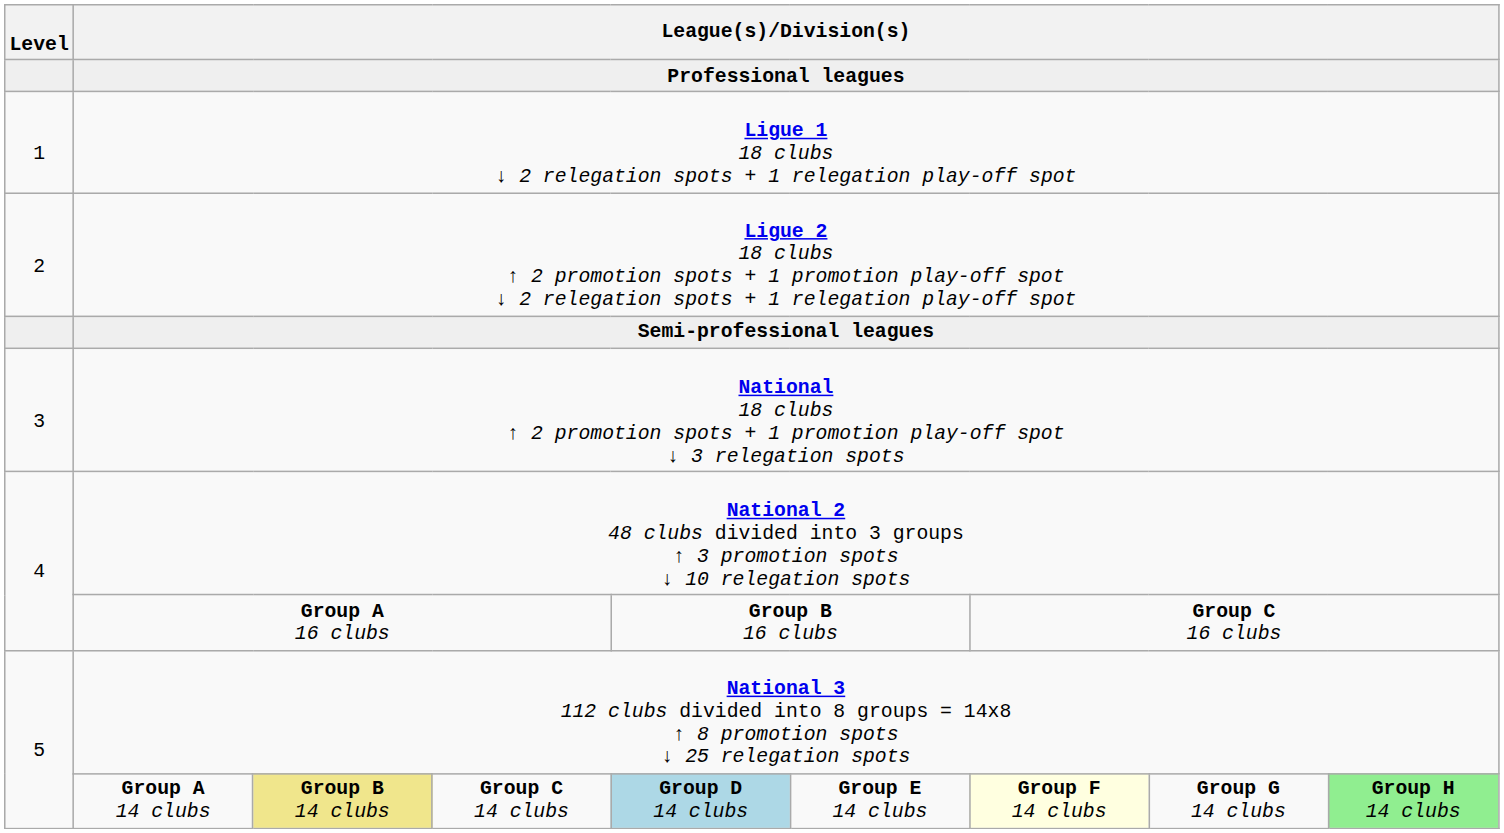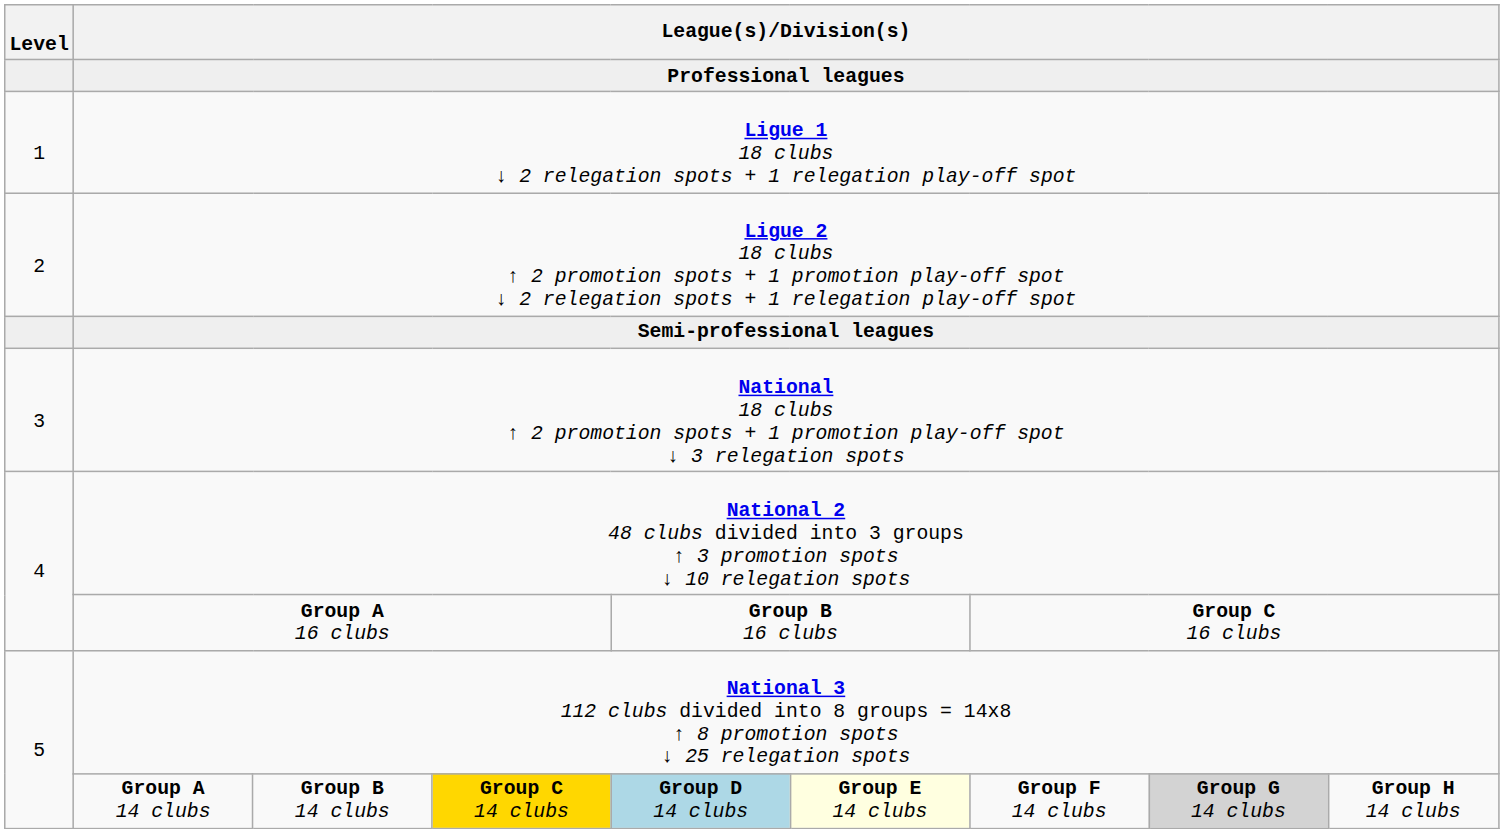 <table class="wikitable" style="text-align: center;">
 <tr>
 <th width="4%"><br>Level</th>
 <th colspan="12" width="96%">League(s)/Division(s)</th>
 </tr>
 <tr style="background:#efefef;">
 <td width="4.6%" align="center"></td>
 <td colspan="12" width="95.4%"><strong>Professional leagues</strong></td>
 </tr>
 <tr>
 <td width="4%"><br>1</td>
 <td colspan="12" width="96%"><br><strong><a href='#'>Ligue 1</a></strong><br> <em>18 clubs<br>↓ 2 relegation spots + 1 relegation play-off spot</em></td>
 </tr>
 <tr>
 <td width="4%"><br>2</td>
 <td colspan="12" width="96%"><br><strong><a href='#'>Ligue 2</a></strong><br> <em>18 clubs<br>↑ 2 promotion spots + 1 promotion play-off spot<br>↓ 2 relegation spots + 1 relegation play-off spot</em></td>
 </tr>
 <tr style="background:#efefef;">
 <td colspan="1" width="4.6%" align="center"></td>
 <td colspan="12" width="96%"><strong>Semi-professional leagues</strong></td>
 </tr>
 <tr>
 <td width="4%"><br>3</td>
 <td colspan="12" width="96%"><br><strong><a href='#'>National</a></strong><br> <em>18 clubs <br> ↑ 2 promotion spots + 1 promotion play-off spot<br>↓ 3 relegation spots</em></td>
 </tr>
 <tr>
 <td ! colspan="1" rowspan="2" width="4%"><br>4</td>
 <td colspan="12" width="96%"><br><strong><a href='#'>National 2</a></strong><br><em>48 clubs</em> divided into 3 groups <br> <em>↑ 3 promotion spots <br> ↓ 10 relegation spots</em></td>
 </tr>
 <tr>
 <td colspan="3" align="center"><strong>Group A</strong> <br> <em>16 clubs</em></td>
 <td colspan="2" align="center"><strong>Group B</strong> <br> <em>16 clubs</em></td>
 <td colspan="3" align="center"><strong>Group C</strong> <br> <em>16 clubs</em></td>
 </tr>
 <tr>
 <td ! colspan="1" rowspan="2" width="4%"><br>5</td>
 <td colspan="12" width="96%"><br><strong><a href='#'>National 3</a></strong><br><em>112 clubs</em> divided into 8 groups = 14x8<br><em>↑ 8 promotion spots <br> ↓ 25 relegation spots</em></td>
 </tr>
 <tr>
 <td align="center"><strong>Group A</strong> <br> <em>14 clubs</em></td>
-<td align="center" style="background: khaki;"><strong>Group B</strong> <br> <em>14 clubs</em></td>
-<td align="center"><strong>Group C</strong> <br> <em>14 clubs</em></td>
+<td align="center"><strong>Group B</strong> <br> <em>14 clubs</em></td>
+<td align="center" style="background: gold;"><strong>Group C</strong> <br> <em>14 clubs</em></td>
 <td align="center" style="background: lightblue;"><strong>Group D</strong> <br> <em>14 clubs</em></td>
-<td align="center"><strong>Group E</strong> <br> <em>14 clubs</em></td>
-<td align="center" style="background: lightyellow;"><strong>Group F</strong> <br> <em>14 clubs</em></td>
-<td align="center"><strong>Group G</strong> <br> <em>14 clubs</em></td>
-<td align="center" style="background: lightgreen;"><strong>Group H</strong> <br> <em>14 clubs</em></td>
+<td align="center" style="background: lightyellow;"><strong>Group E</strong> <br> <em>14 clubs</em></td>
+<td align="center"><strong>Group F</strong> <br> <em>14 clubs</em></td>
+<td align="center" style="background: lightgrey;"><strong>Group G</strong> <br> <em>14 clubs</em></td>
+<td align="center"><strong>Group H</strong> <br> <em>14 clubs</em></td>
 </tr>
 </table>
